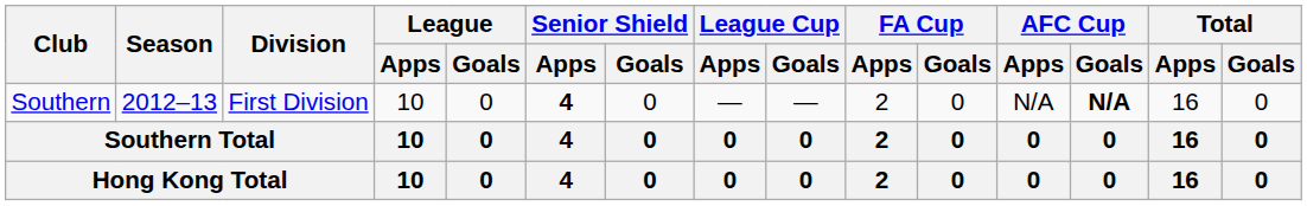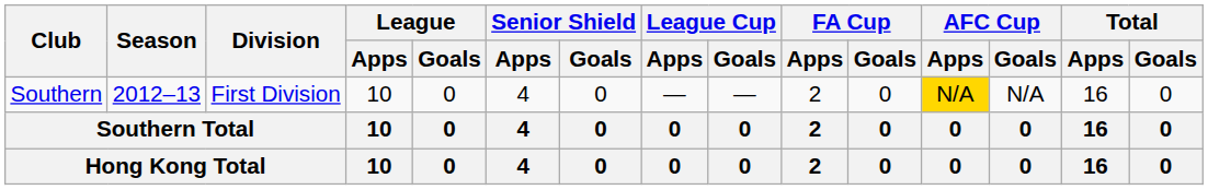 <table class="wikitable" style="text-align: center;">
 <tr>
 <th rowspan="2">Club</th>
 <th rowspan="2">Season</th>
 <th rowspan="2">Division</th>
 <th colspan="2">League</th>
 <th colspan="2"><a href='#'>Senior Shield</a></th>
 <th colspan="2"><a href='#'>League Cup</a></th>
 <th colspan="2"><a href='#'>FA Cup</a></th>
 <th colspan="2"><a href='#'>AFC Cup</a></th>
 <th colspan="2">Total</th>
 </tr>
 <tr>
 <th>Apps</th>
 <th>Goals</th>
 <th>Apps</th>
 <th>Goals</th>
 <th>Apps</th>
 <th>Goals</th>
 <th>Apps</th>
 <th>Goals</th>
 <th>Apps</th>
 <th>Goals</th>
 <th>Apps</th>
 <th>Goals</th>
 </tr>
 <tr>
 <td rowspan="1" align="center"><a href='#'>Southern</a></td>
 <td><a href='#'>2012–13</a></td>
 <td><a href='#'>First Division</a></td>
 <td>10</td>
 <td>0</td>
-<td><strong>4</strong></td>
+<td>4</td>
 <td>0</td>
 <td>—</td>
 <td>—</td>
 <td>2</td>
 <td>0</td>
+<td style="background: gold;">N/A</td>
 <td>N/A</td>
-<td><strong>N/A</strong></td>
 <td>16</td>
 <td>0</td>
 </tr>
 <tr>
 <th colspan="3">Southern Total</th>
 <th>10</th>
 <th>0</th>
 <th>4</th>
 <th>0</th>
 <th>0</th>
 <th>0</th>
 <th>2</th>
 <th>0</th>
 <th>0</th>
 <th>0</th>
 <th>16</th>
 <th>0</th>
 </tr>
 <tr>
 <th colspan="3">Hong Kong Total</th>
 <th>10</th>
 <th>0</th>
 <th>4</th>
 <th>0</th>
 <th>0</th>
 <th>0</th>
 <th>2</th>
 <th>0</th>
 <th>0</th>
 <th>0</th>
 <th>16</th>
 <th>0</th>
 </tr>
 </table>
